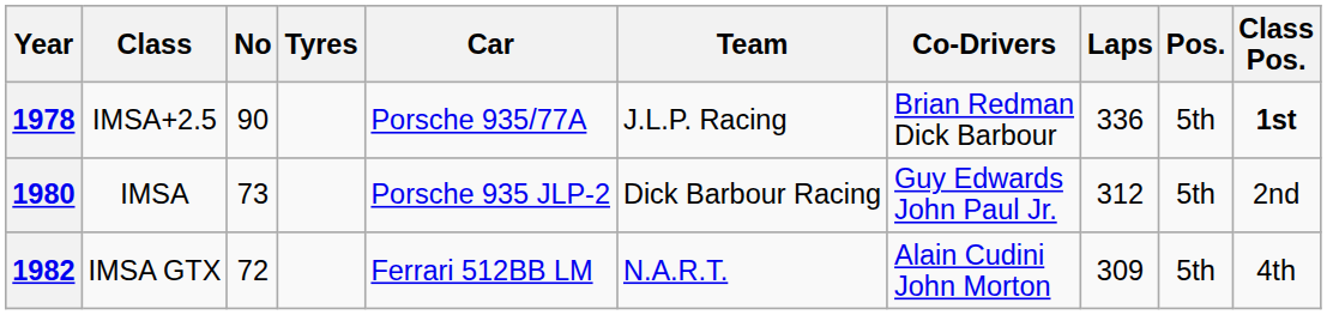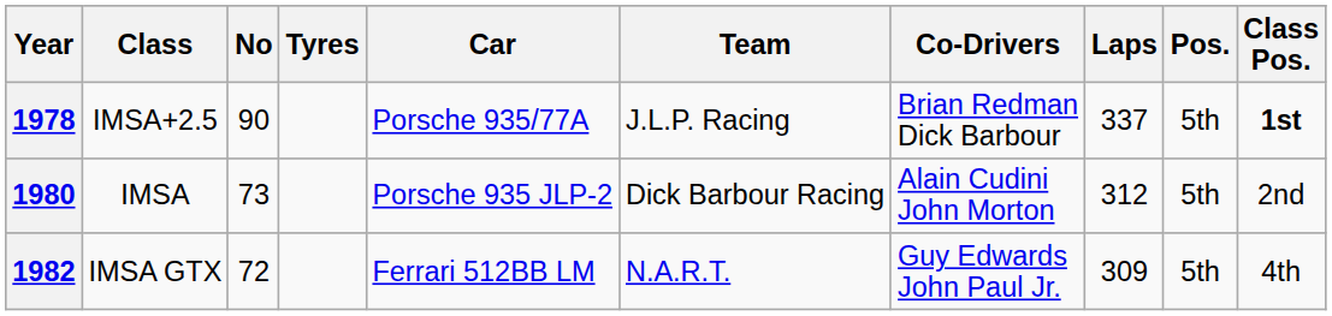 <table class="wikitable" style="text-align:center; font-size:90%">
 <tr>
 <th>Year</th>
 <th>Class</th>
 <th>No</th>
 <th>Tyres</th>
 <th>Car</th>
 <th>Team</th>
 <th>Co-Drivers</th>
 <th>Laps</th>
 <th>Pos.</th>
 <th>Class<br>Pos.</th>
 </tr>
 <tr>
 <th><a href='#'>1978</a></th>
 <td>IMSA+2.5</td>
 <td>90</td>
 <td></td>
 <td align="left"><a href='#'>Porsche 935/77A</a></td>
 <td align="left"> J.L.P. Racing</td>
 <td align="left"> <a href='#'>Brian Redman</a><br> Dick Barbour</td>
-<td>336</td>
+<td>337</td>
 <td>5th</td>
 <td><strong>1st</strong></td>
 </tr>
 <tr>
 <th><a href='#'>1980</a></th>
 <td>IMSA</td>
 <td>73</td>
 <td></td>
 <td align="left"><a href='#'>Porsche 935 JLP-2</a></td>
 <td align="left"> Dick Barbour Racing</td>
-<td align="left"> <a href='#'>Guy Edwards</a><br> <a href='#'>John Paul Jr.</a></td>
+<td align="left"> <a href='#'>Alain Cudini</a><br> <a href='#'>John Morton</a></td>
 <td>312</td>
 <td>5th</td>
 <td>2nd</td>
 </tr>
 <tr>
 <th><a href='#'>1982</a></th>
 <td>IMSA GTX</td>
 <td>72</td>
 <td></td>
 <td style="text-align:left;"><a href='#'>Ferrari 512BB LM</a></td>
 <td align="left"> <a href='#'>N.A.R.T.</a></td>
-<td align="left"> <a href='#'>Alain Cudini</a><br> <a href='#'>John Morton</a></td>
+<td align="left"> <a href='#'>Guy Edwards</a><br> <a href='#'>John Paul Jr.</a></td>
 <td>309</td>
 <td>5th</td>
 <td>4th</td>
 </tr>
 </table>
